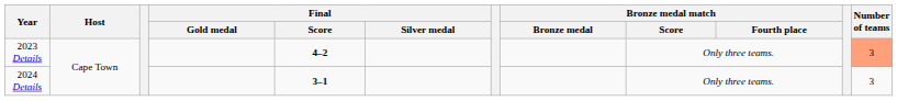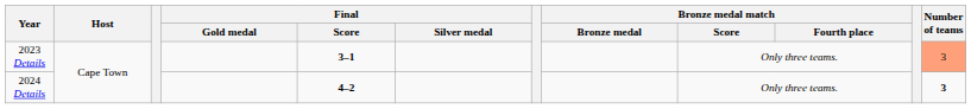 <table class="wikitable" style="text-align:center;width:100%; font-size:90%;">
 <tr>
 <th rowspan=2 width=5%>Year</th>
 <th rowspan=2 width=10%>Host</th>
 <th width=1% rowspan=6></th>
 <th colspan=3>Final</th>
 <th width=1% rowspan=6></th>
 <th colspan=3>Bronze medal match</th>
 <th width=1% rowspan=6></th>
 <th width=4% rowspan=2>Number of teams</th>
 </tr>
 <tr>
 <th width=14%>Gold medal</th>
 <th width=10%>Score</th>
 <th width=14%>Silver medal</th>
 <th width=14%>Bronze medal</th>
 <th width=10%>Score</th>
 <th width=14%>Fourth place</th>
 </tr>
 <tr>
 <td>2023<br><em><a href='#'>Details</a></em></td>
 <td rowspan=2>Cape Town</td>
 <td><strong></strong></td>
-<td><strong>4–2</strong></td>
+<td><strong>3–1</strong></td>
 <td></td>
 <td></td>
 <td colspan=3><em>Only three teams.</em></td>
 <td style="background: lightsalmon;">3</td>
 </tr>
 <tr>
 <td>2024<br><em><a href='#'>Details</a></em></td>
 <td><strong></strong></td>
-<td><strong>3–1</strong></td>
+<td><strong>4–2</strong></td>
 <td></td>
 <td></td>
 <td colspan=3><em>Only three teams.</em></td>
-<td>3</td>
+<td><strong>3</strong></td>
 </tr>
 </table>
